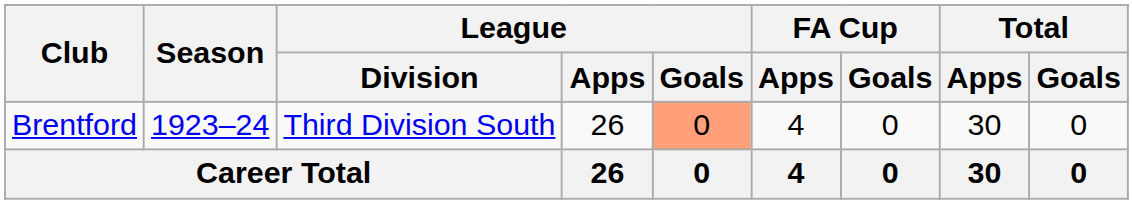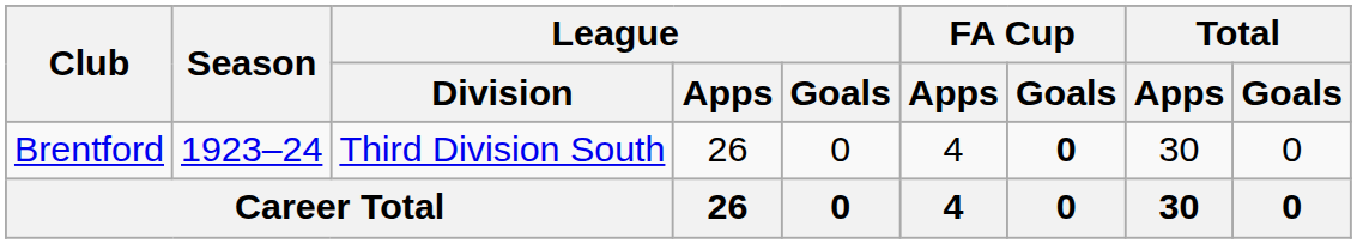 <table class="wikitable" style="text-align: center;">
 <tr>
 <th rowspan="2">Club</th>
 <th rowspan="2">Season</th>
 <th colspan="3">League</th>
 <th colspan="2">FA Cup</th>
 <th colspan="2">Total</th>
 </tr>
 <tr>
 <th>Division</th>
 <th>Apps</th>
 <th>Goals</th>
 <th>Apps</th>
 <th>Goals</th>
 <th>Apps</th>
 <th>Goals</th>
 </tr>
 <tr>
 <td><a href='#'>Brentford</a></td>
 <td><a href='#'>1923–24</a></td>
 <td><a href='#'>Third Division South</a></td>
 <td>26</td>
-<td style="background: lightsalmon;">0</td>
+<td>0</td>
 <td>4</td>
-<td>0</td>
+<td><strong>0</strong></td>
 <td>30</td>
 <td>0</td>
 </tr>
 <tr>
 <th colspan="3">Career Total</th>
 <th>26</th>
 <th>0</th>
 <th>4</th>
 <th>0</th>
 <th>30</th>
 <th>0</th>
 </tr>
 </table>
